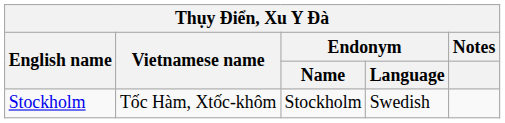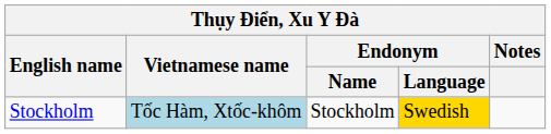 <table class="wikitable sortable">
 <tr>
 <th colspan="5"> Thụy Điển, Xu Y Đà</th>
 </tr>
 <tr>
 <th rowspan="2">English name</th>
 <th rowspan="2">Vietnamese name</th>
 <th colspan="2">Endonym</th>
 <th>Notes</th>
 </tr>
 <tr>
 <th>Name</th>
 <th>Language</th>
 <th></th>
 </tr>
 <tr>
 <td><a href='#'>Stockholm</a></td>
-<td>Tốc Hàm, Xtốc-khôm</td>
+<td style="background: lightblue;">Tốc Hàm, Xtốc-khôm</td>
 <td>Stockholm</td>
-<td>Swedish</td>
+<td style="background: gold;">Swedish</td>
 </tr>
 </table>
